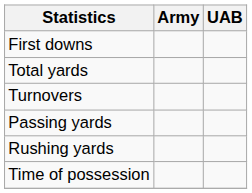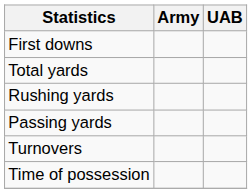 <table class="wikitable" style="float: left;">
 <tr>
 <th>Statistics</th>
 <th>Army</th>
 <th><strong>UAB</strong></th>
 </tr>
 <tr>
 <td>First downs</td>
 <td></td>
 <td></td>
 </tr>
 <tr>
 <td>Total yards</td>
 <td></td>
 <td></td>
 </tr>
 <tr>
-<td>Turnovers</td>
+<td>Rushing yards</td>
 <td></td>
 <td></td>
 </tr>
 <tr>
 <td>Passing yards</td>
 <td></td>
 <td></td>
 </tr>
 <tr>
-<td>Rushing yards</td>
+<td>Turnovers</td>
 <td></td>
 <td></td>
 </tr>
 <tr>
 <td>Time of possession</td>
 <td></td>
 <td></td>
 </tr>
 <tr>
 </tr>
 </table>
